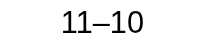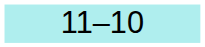 <table style="text-align:center">
 <tr>
 <th width=200></th>
 <th width=100></th>
 <th width=200></th>
 </tr>
 <tr>
 <td align=right><strong></strong></td>
-<td>11–10</td>
+<td style="background: paleturquoise;">11–10</td>
 <td align=left></td>
 </tr>
 </table>
